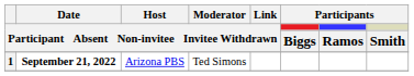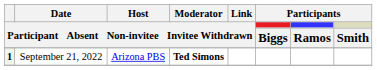 <table class="wikitable" style="text-align:center;">
 <tr style="font-size:small;">
 <th scope="col"></th>
 <th scope="col">Date</th>
 <th scope="col">Host</th>
 <th scope="col">Moderator</th>
 <th scope="col">Link</th>
 <th scope="col" colspan="4">Participants</th>
 </tr>
 <tr>
 <th colspan="5" rowspan="2"> <small>Participant  </small> <small>Absent  </small> <small>Non-invitee  </small> <small>Invitee Withdrawn</small></th>
 <th scope="col" style="background:#E81B23;"></th>
 <th scope="col" style="background:#3333FF;"></th>
 <th scope="col" style="background:#DDDDBB;"></th>
 </tr>
 <tr>
 <th scope="col">Biggs</th>
 <th scope="col">Ramos</th>
 <th scope="col">Smith</th>
 </tr>
 <tr>
 </tr>
 <tr style="background:#FFFFFF;font-size:small;">
 <th scope="row">1</th>
-<td style="white-space:nowrap;"><strong>September 21, 2022</strong></td>
+<td style="white-space:nowrap;">September 21, 2022</td>
 <td style="white-space:nowrap;"><a href='#'>Arizona PBS</a></td>
-<td style="white-space:nowrap;">Ted Simons</td>
+<td style="white-space:nowrap;"><strong>Ted Simons</strong></td>
 <td style="white-space:nowrap;"></td>
 <td></td>
 <td></td>
 <td></td>
 </tr>
 <tr>
 </tr>
 </table>
